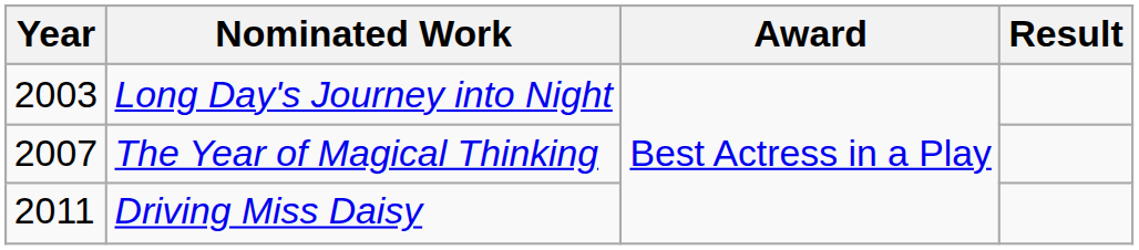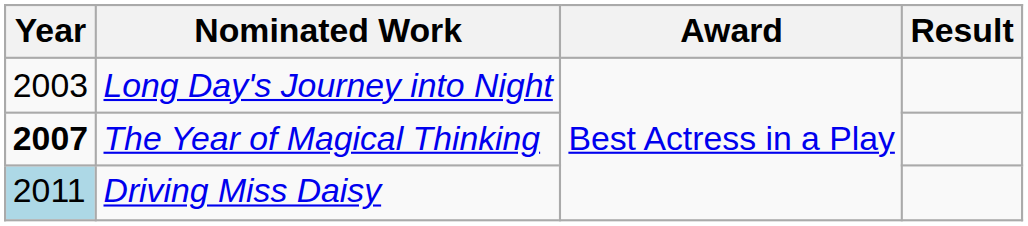 <table class="wikitable">
 <tr>
 <th>Year</th>
 <th>Nominated Work</th>
 <th>Award</th>
 <th>Result</th>
 </tr>
 <tr>
 <td>2003</td>
 <td><em><a href='#'>Long Day's Journey into Night</a></em></td>
 <td rowspan=3><a href='#'>Best Actress in a Play</a></td>
 <td></td>
 </tr>
 <tr>
-<td>2007</td>
+<td><strong>2007</strong></td>
 <td><em><a href='#'>The Year of Magical Thinking</a></em></td>
 <td></td>
 </tr>
 <tr>
-<td>2011</td>
+<td style="background: lightblue;">2011</td>
 <td><em><a href='#'>Driving Miss Daisy</a></em></td>
 <td></td>
 </tr>
 </table>
